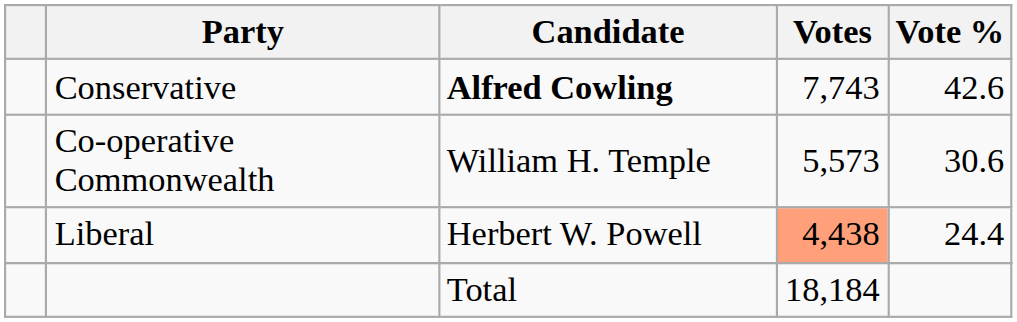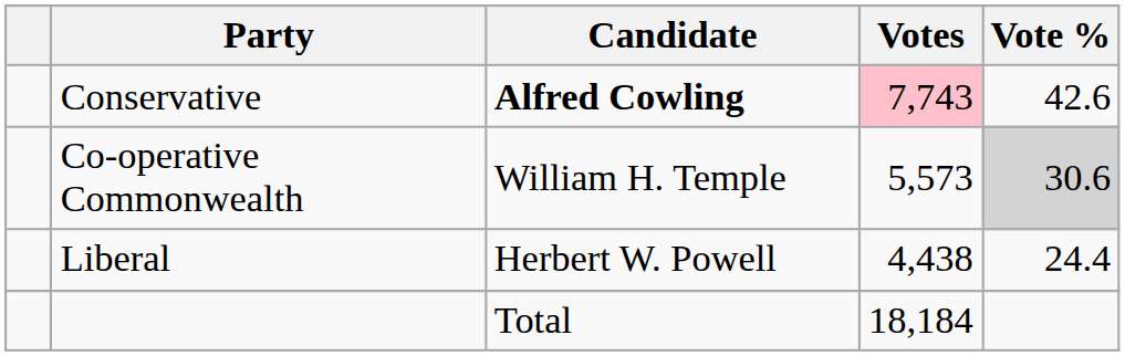 <table class="wikitable">
 <tr>
 <th></th>
 <th scope="col" width="175">Party</th>
 <th scope="col" width="150">Candidate</th>
 <th>Votes</th>
 <th>Vote %</th>
 </tr>
 <tr>
 <td>   </td>
 <td>Conservative</td>
 <td><strong>Alfred Cowling</strong></td>
-<td align=right>7,743</td>
+<td align=right style="background: pink;">7,743</td>
 <td align=right>42.6</td>
 </tr>
 <tr>
 <td>   </td>
 <td>Co-operative Commonwealth</td>
 <td>William H. Temple</td>
 <td align=right>5,573</td>
-<td align=right>30.6</td>
+<td align=right style="background: lightgrey;">30.6</td>
 </tr>
 <tr>
 <td>   </td>
 <td>Liberal</td>
 <td>Herbert W. Powell</td>
-<td align=right style="background: lightsalmon;">4,438</td>
+<td align=right>4,438</td>
 <td align=right>24.4</td>
 </tr>
 <tr>
 </tr>
 <tr>
 <td></td>
 <td></td>
 <td>Total</td>
 <td align=right>18,184</td>
 <td></td>
 </tr>
 </table>
